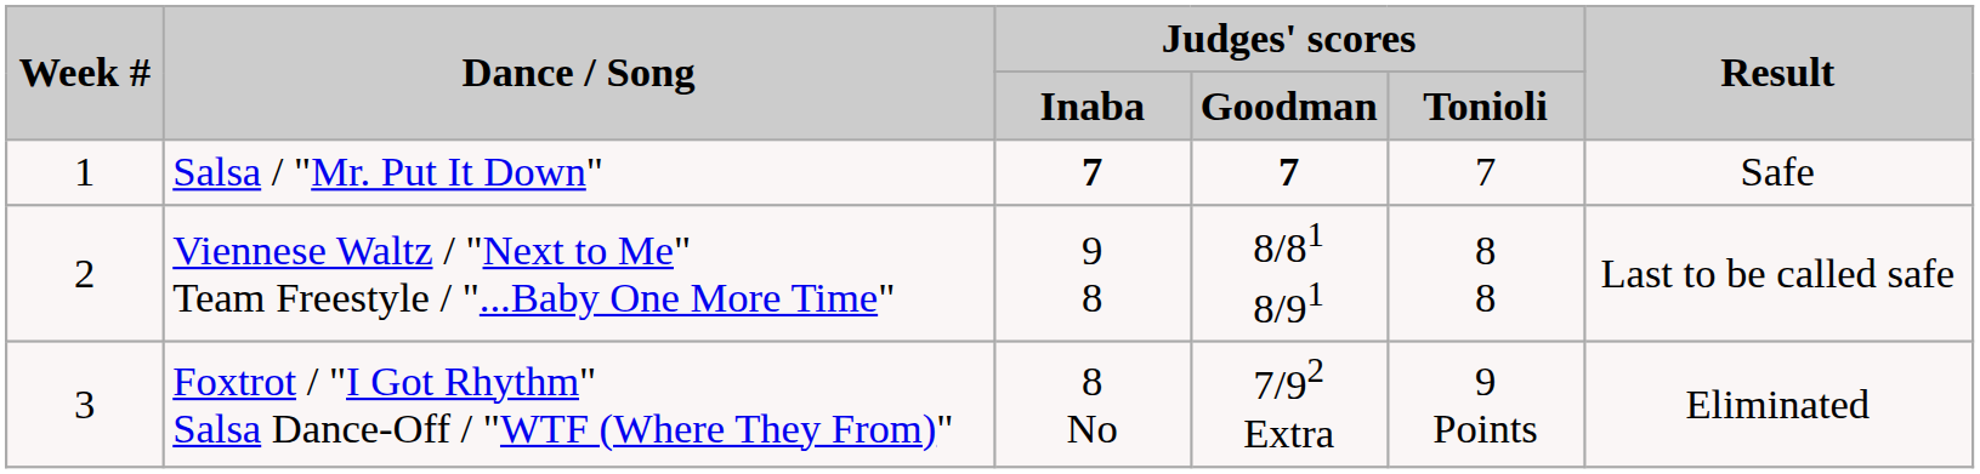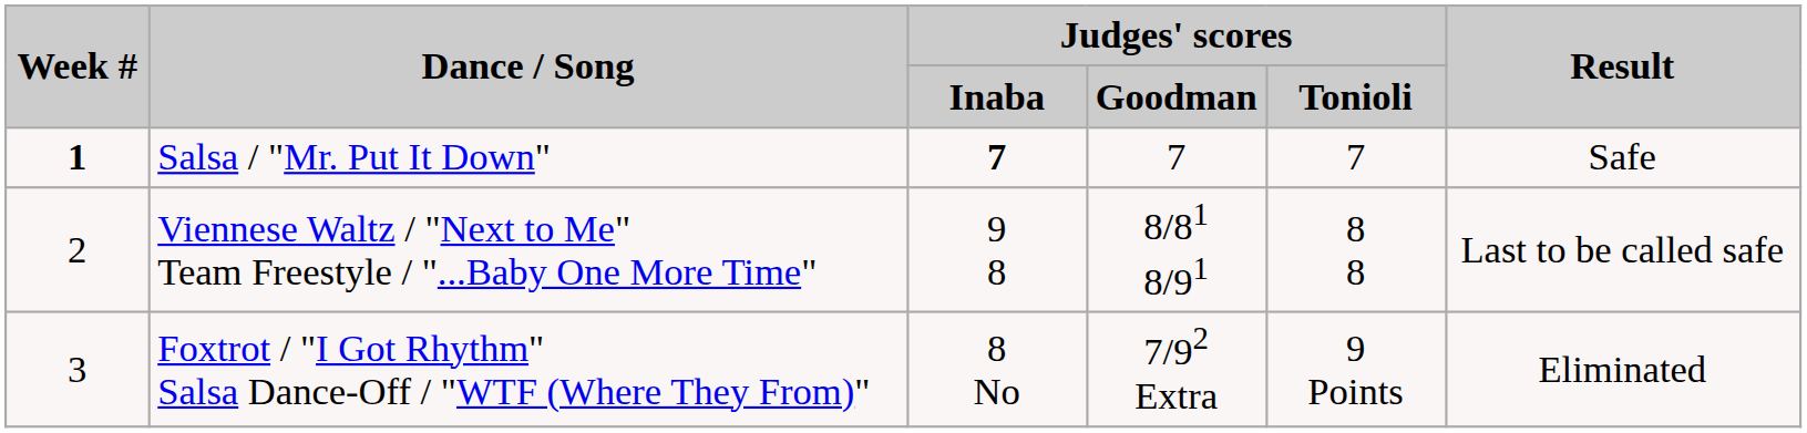 <table class="wikitable">
 <tr>
 <th rowspan="2" style="background:#ccc;">Week #</th>
 <th rowspan="2" style="background:#ccc;">Dance / Song</th>
 <th colspan="3" style="background:#ccc;">Judges' scores</th>
 <th rowspan="2" style="background:#ccc;">Result</th>
 </tr>
 <tr>
 <th style="background:#ccc; width:10%;">Inaba</th>
 <th style="background:#ccc; width:10%;">Goodman</th>
 <th style="background:#ccc; width:10%;">Tonioli</th>
 </tr>
 <tr style="text-align:center; background:#faf6f6;">
-<td>1</td>
+<td><strong>1</strong></td>
 <td align="left"><a href='#'>Salsa</a> / "<a href='#'>Mr. Put It Down</a>"</td>
 <td><strong>7</strong></td>
-<td><strong>7</strong></td>
+<td>7</td>
 <td>7</td>
 <td>Safe</td>
 </tr>
 <tr style="text-align:center; background:#faf6f6;">
 <td>2</td>
 <td align="left"><a href='#'>Viennese Waltz</a> / "<a href='#'>Next to Me</a>"<br>Team Freestyle / "<a href='#'>...Baby One More Time</a>"</td>
 <td>9<br>8</td>
 <td>8/8<sup>1</sup><br>8/9<sup>1</sup></td>
 <td>8<br>8</td>
 <td>Last to be called safe</td>
 </tr>
 <tr style="text-align:center; background:#faf6f6;">
 <td>3</td>
 <td align="left"><a href='#'>Foxtrot</a> / "<a href='#'>I Got Rhythm</a>"<br><a href='#'>Salsa</a> Dance-Off / "<a href='#'>WTF (Where They From)</a>"</td>
 <td>8<br>No</td>
 <td>7/9<sup>2</sup><br>Extra</td>
 <td>9<br>Points</td>
 <td>Eliminated</td>
 </tr>
 </table>
